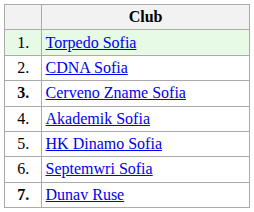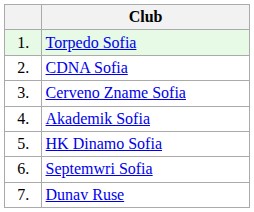 <table class="wikitable">
 <tr>
 <th width="30"></th>
 <th width="200">Club</th>
 </tr>
 <tr bgcolor="#e6fae6" align="center">
 <td>1.</td>
 <td align="left"><a href='#'>Torpedo Sofia</a></td>
 </tr>
 <tr bgcolor="#FFFFFF" align="center">
 <td>2.</td>
 <td align="left"><a href='#'>CDNA Sofia</a></td>
 </tr>
 <tr bgcolor="#FFFFFF" align="center">
-<td><strong>3.</strong></td>
+<td>3.</td>
 <td align="left"><a href='#'>Cerveno Zname Sofia</a></td>
 </tr>
 <tr bgcolor="#FFFFFF" align="center">
 <td>4.</td>
 <td align="left"><a href='#'>Akademik Sofia</a></td>
 </tr>
 <tr bgcolor="#FFFFFF" align="center">
 <td>5.</td>
 <td align="left"><a href='#'>HK Dinamo Sofia</a></td>
 </tr>
 <tr bgcolor="#FFFFFF" align="center">
 <td>6.</td>
 <td align="left"><a href='#'>Septemwri Sofia</a></td>
 </tr>
 <tr bgcolor="#FFFFFF" align="center">
-<td><strong>7.</strong></td>
+<td>7.</td>
 <td align="left"><a href='#'>Dunav Ruse</a></td>
 </tr>
 </table>
